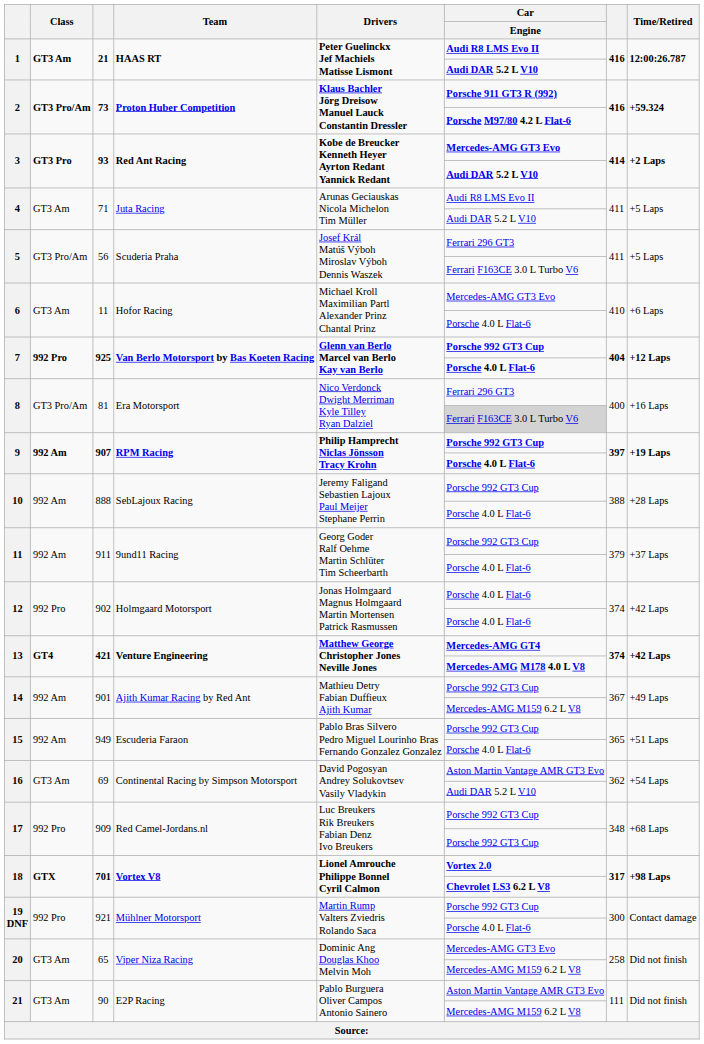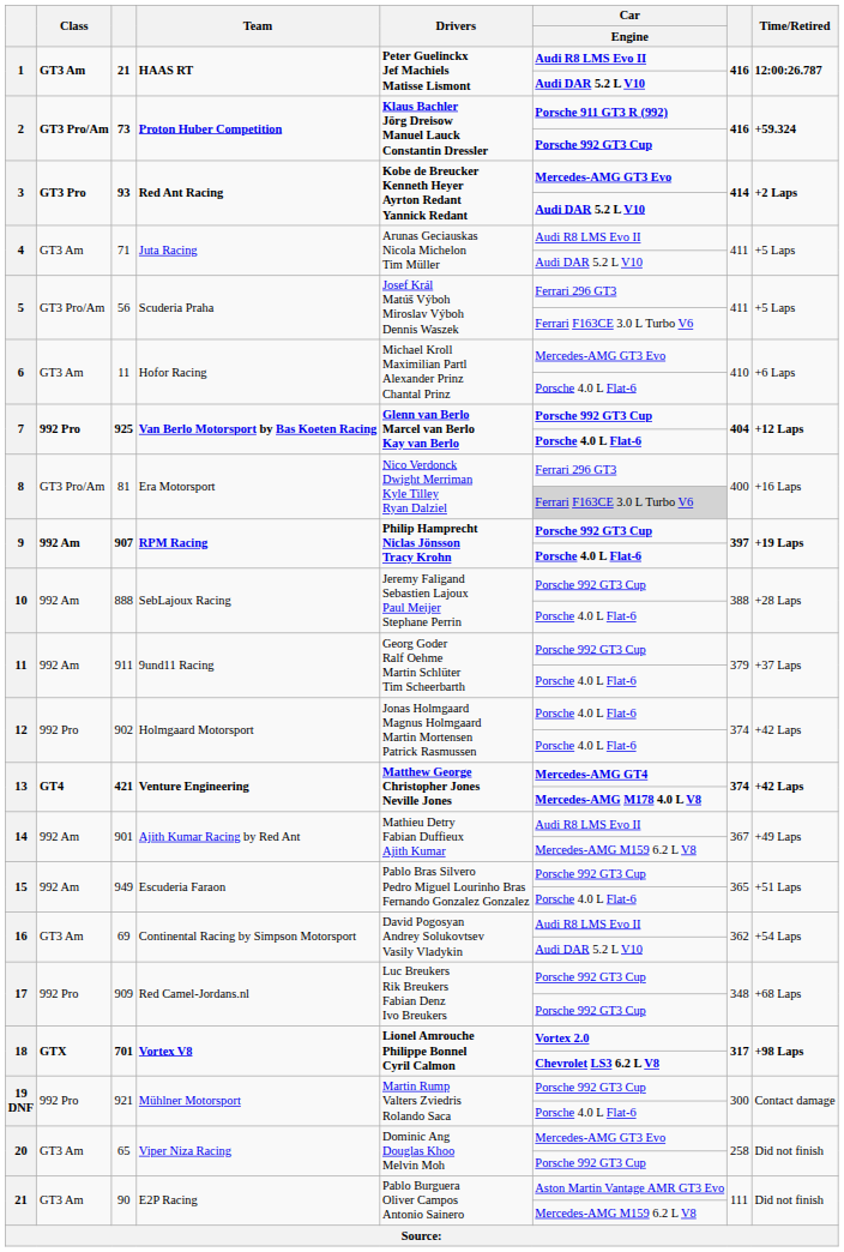 <table class="wikitable" style="font-size:90%;">
 <tr>
 <th rowspan="2"></th>
 <th rowspan="2">Class</th>
 <th rowspan="2"></th>
 <th rowspan="2">Team</th>
 <th rowspan="2">Drivers</th>
 <th>Car</th>
 <th rowspan="2"></th>
 <th rowspan="2">Time/Retired</th>
 </tr>
 <tr>
 <th>Engine</th>
 </tr>
 <tr>
 <th rowspan="2">1</th>
 <td rowspan="2"><strong>GT3 Am</strong></td>
 <td rowspan="2" align="center"><strong>21</strong></td>
 <td rowspan="2"><strong> HAAS RT</strong></td>
 <td rowspan="2"><strong> Peter Guelinckx<br> Jef Machiels<br> Matisse Lismont</strong></td>
 <td><a href='#'><strong>Audi R8 LMS Evo II</strong></a></td>
 <td rowspan="2"><strong>416</strong></td>
 <td rowspan="2"><strong>12:00:26.787</strong></td>
 </tr>
 <tr>
 <td><strong><a href='#'>Audi DAR</a> 5.2 L <a href='#'>V10</a></strong></td>
 </tr>
 <tr>
 <th rowspan="2">2</th>
 <td rowspan="2"><strong>GT3 Pro/Am</strong></td>
 <td rowspan="2" align="center"><strong>73</strong></td>
 <td rowspan="2"><strong> <a href='#'>Proton Huber Competition</a></strong></td>
 <td rowspan="2"><strong> <a href='#'>Klaus Bachler</a><br> Jörg Dreisow<br> Manuel Lauck<br> Constantin Dressler</strong></td>
 <td><a href='#'><strong>Porsche 911 GT3 R (992)</strong></a></td>
 <td rowspan="2"><strong>416</strong></td>
 <td rowspan="2"><strong>+59.324</strong></td>
 </tr>
 <tr>
-<td><strong><a href='#'>Porsche</a> <a href='#'>M97/80</a> 4.2 L <a href='#'>Flat-6</a></strong></td>
+<td><a href='#'><strong>Porsche 992 GT3 Cup</strong></a></td>
 </tr>
 <tr>
 <th rowspan="2">3</th>
 <td rowspan="2"><strong>GT3 Pro</strong></td>
 <td rowspan="2" align="center"><strong>93</strong></td>
 <td rowspan="2"><strong> Red Ant Racing</strong></td>
 <td rowspan="2"><strong> Kobe de Breucker<br> Kenneth Heyer<br> Ayrton Redant<br> Yannick Redant</strong></td>
 <td><a href='#'><strong>Mercedes-AMG GT3 Evo</strong></a></td>
 <td rowspan="2"><strong>414</strong></td>
 <td rowspan="2"><strong>+2 Laps</strong></td>
 </tr>
 <tr>
 <td><strong><a href='#'>Audi DAR</a> 5.2 L <a href='#'>V10</a></strong></td>
 </tr>
 <tr>
 <th rowspan="2">4</th>
 <td rowspan="2">GT3 Am</td>
 <td rowspan="2" align="center">71</td>
 <td rowspan="2"> <a href='#'>Juta Racing</a></td>
 <td rowspan="2"> Arunas Geciauskas<br> Nicola Michelon<br> Tim Müller</td>
 <td><a href='#'>Audi R8 LMS Evo II</a></td>
 <td rowspan="2">411</td>
 <td rowspan="2">+5 Laps</td>
 </tr>
 <tr>
 <td><a href='#'>Audi DAR</a> 5.2 L <a href='#'>V10</a></td>
 </tr>
 <tr>
 <th rowspan="2">5</th>
 <td rowspan="2">GT3 Pro/Am</td>
 <td rowspan="2" align="center">56</td>
 <td rowspan="2"> Scuderia Praha</td>
 <td rowspan="2"> <a href='#'>Josef Král</a><br> Matúš Výboh<br> Miroslav Výboh<br> Dennis Waszek</td>
 <td><a href='#'>Ferrari 296 GT3</a></td>
 <td rowspan="2">411</td>
 <td rowspan="2">+5 Laps</td>
 </tr>
 <tr>
 <td><a href='#'>Ferrari</a> <a href='#'>F163CE</a> 3.0 L Turbo <a href='#'>V6</a></td>
 </tr>
 <tr>
 <th rowspan="2">6</th>
 <td rowspan="2">GT3 Am</td>
 <td rowspan="2" align="center">11</td>
 <td rowspan="2"> Hofor Racing</td>
 <td rowspan="2"> Michael Kroll<br> Maximilian Partl<br> Alexander Prinz<br> Chantal Prinz</td>
 <td><a href='#'>Mercedes-AMG GT3 Evo</a></td>
 <td rowspan="2">410</td>
 <td rowspan="2">+6 Laps</td>
 </tr>
 <tr>
 <td><a href='#'>Porsche</a> 4.0 L <a href='#'>Flat-6</a></td>
 </tr>
 <tr>
 <th rowspan="2">7</th>
 <td rowspan="2"><strong>992 Pro</strong></td>
 <td rowspan="2" align="center"><strong>925</strong></td>
 <td rowspan="2"><strong> <a href='#'>Van Berlo Motorsport</a> by <a href='#'>Bas Koeten Racing</a></strong></td>
 <td rowspan="2"><strong> <a href='#'>Glenn van Berlo</a><br> Marcel van Berlo<br> <a href='#'>Kay van Berlo</a></strong></td>
 <td><a href='#'><strong>Porsche 992 GT3 Cup</strong></a></td>
 <td rowspan="2"><strong>404</strong></td>
 <td rowspan="2"><strong>+12 Laps</strong></td>
 </tr>
 <tr>
 <td><strong><a href='#'>Porsche</a> 4.0 L <a href='#'>Flat-6</a></strong></td>
 </tr>
 <tr>
 <th rowspan="2">8</th>
 <td rowspan="2">GT3 Pro/Am</td>
 <td rowspan="2" align="center">81</td>
 <td rowspan="2"> Era Motorsport</td>
 <td rowspan="2"> <a href='#'>Nico Verdonck</a><br> <a href='#'>Dwight Merriman</a><br> <a href='#'>Kyle Tilley</a><br> <a href='#'>Ryan Dalziel</a></td>
 <td><a href='#'>Ferrari 296 GT3</a></td>
 <td rowspan="2">400</td>
 <td rowspan="2">+16 Laps</td>
 </tr>
 <tr>
 <td style="background: lightgrey;"><a href='#'>Ferrari</a> <a href='#'>F163CE</a> 3.0 L Turbo <a href='#'>V6</a></td>
 </tr>
 <tr>
 <th rowspan="2">9</th>
 <td rowspan="2"><strong>992 Am</strong></td>
 <td rowspan="2" align="center"><strong>907</strong></td>
 <td rowspan="2"><strong> <a href='#'>RPM Racing</a></strong></td>
 <td rowspan="2"><strong> Philip Hamprecht<br> <a href='#'>Niclas Jönsson</a><br> <a href='#'>Tracy Krohn</a></strong></td>
 <td><a href='#'><strong>Porsche 992 GT3 Cup</strong></a></td>
 <td rowspan="2"><strong>397</strong></td>
 <td rowspan="2"><strong>+19 Laps</strong></td>
 </tr>
 <tr>
 <td><strong><a href='#'>Porsche</a> 4.0 L <a href='#'>Flat-6</a></strong></td>
 </tr>
 <tr>
 <th rowspan="2">10</th>
 <td rowspan="2">992 Am</td>
 <td rowspan="2" align="center">888</td>
 <td rowspan="2"> SebLajoux Racing</td>
 <td rowspan="2"> Jeremy Faligand<br> Sebastien Lajoux<br> <a href='#'>Paul Meijer</a><br> Stephane Perrin</td>
 <td><a href='#'>Porsche 992 GT3 Cup</a></td>
 <td rowspan="2">388</td>
 <td rowspan="2">+28 Laps</td>
 </tr>
 <tr>
 <td><a href='#'>Porsche</a> 4.0 L <a href='#'>Flat-6</a></td>
 </tr>
 <tr>
 <th rowspan="2">11</th>
 <td rowspan="2">992 Am</td>
 <td rowspan="2" align="center">911</td>
 <td rowspan="2"> 9und11 Racing</td>
 <td rowspan="2"> Georg Goder<br> Ralf Oehme<br> Martin Schlüter<br> Tim Scheerbarth</td>
 <td><a href='#'>Porsche 992 GT3 Cup</a></td>
 <td rowspan="2">379</td>
 <td rowspan="2">+37 Laps</td>
 </tr>
 <tr>
 <td><a href='#'>Porsche</a> 4.0 L <a href='#'>Flat-6</a></td>
 </tr>
 <tr>
 <th rowspan="2">12</th>
 <td rowspan="2">992 Pro</td>
 <td rowspan="2" align="center">902</td>
 <td rowspan="2"> Holmgaard Motorsport</td>
 <td rowspan="2"> Jonas Holmgaard<br> Magnus Holmgaard<br> Martin Mortensen<br> Patrick Rasmussen</td>
 <td><a href='#'>Porsche</a> 4.0 L <a href='#'>Flat-6</a></td>
 <td rowspan="2">374</td>
 <td rowspan="2">+42 Laps</td>
 </tr>
 <tr>
 <td><a href='#'>Porsche</a> 4.0 L <a href='#'>Flat-6</a></td>
 </tr>
 <tr>
 <th rowspan="2">13</th>
 <td rowspan="2"><strong>GT4</strong></td>
 <td rowspan="2" align="center"><strong>421</strong></td>
 <td rowspan="2"><strong> Venture Engineering</strong></td>
 <td rowspan="2"><strong> <a href='#'>Matthew George</a><br> Christopher Jones<br> Neville Jones</strong></td>
 <td><a href='#'><strong>Mercedes-AMG GT4</strong></a></td>
 <td rowspan="2"><strong>374</strong></td>
 <td rowspan="2"><strong>+42 Laps</strong></td>
 </tr>
 <tr>
 <td><strong><a href='#'>Mercedes-AMG</a> <a href='#'>M178</a> 4.0 L <a href='#'>V8</a></strong></td>
 </tr>
 <tr>
 <th rowspan="2">14</th>
 <td rowspan="2">992 Am</td>
 <td rowspan="2" align="center">901</td>
 <td rowspan="2"> <a href='#'>Ajith Kumar Racing</a> by Red Ant</td>
 <td rowspan="2"> Mathieu Detry<br> Fabian Duffieux<br> <a href='#'>Ajith Kumar</a></td>
-<td><a href='#'>Porsche 992 GT3 Cup</a></td>
+<td><a href='#'>Audi R8 LMS Evo II</a></td>
 <td rowspan="2">367</td>
 <td rowspan="2">+49 Laps</td>
 </tr>
 <tr>
 <td><a href='#'>Mercedes-AMG M159</a> 6.2 L <a href='#'>V8</a></td>
 </tr>
 <tr>
 <th rowspan="2">15</th>
 <td rowspan="2">992 Am</td>
 <td rowspan="2" align="center">949</td>
 <td rowspan="2"> Escuderia Faraon</td>
 <td rowspan="2"> Pablo Bras Silvero<br> Pedro Miguel Lourinho Bras<br> Fernando Gonzalez Gonzalez</td>
 <td><a href='#'>Porsche 992 GT3 Cup</a></td>
 <td rowspan="2">365</td>
 <td rowspan="2">+51 Laps</td>
 </tr>
 <tr>
 <td><a href='#'>Porsche</a> 4.0 L <a href='#'>Flat-6</a></td>
 </tr>
 <tr>
 <th rowspan="2">16</th>
 <td rowspan="2">GT3 Am</td>
 <td rowspan="2" align="center">69</td>
 <td rowspan="2"> Continental Racing by Simpson Motorsport</td>
 <td rowspan="2"> David Pogosyan<br> Andrey Solukovtsev<br> Vasily Vladykin</td>
-<td><a href='#'>Aston Martin Vantage AMR GT3 Evo</a></td>
+<td><a href='#'>Audi R8 LMS Evo II</a></td>
 <td rowspan="2">362</td>
 <td rowspan="2">+54 Laps</td>
 </tr>
 <tr>
 <td><a href='#'>Audi DAR</a> 5.2 L <a href='#'>V10</a></td>
 </tr>
 <tr>
 <th rowspan="2">17</th>
 <td rowspan="2">992 Pro</td>
 <td rowspan="2" align="center">909</td>
 <td rowspan="2"> Red Camel-Jordans.nl</td>
 <td rowspan="2"> Luc Breukers<br> Rik Breukers<br> Fabian Denz<br> Ivo Breukers</td>
 <td><a href='#'>Porsche 992 GT3 Cup</a></td>
 <td rowspan="2">348</td>
 <td rowspan="2">+68 Laps</td>
 </tr>
 <tr>
 <td><a href='#'>Porsche 992 GT3 Cup</a></td>
 </tr>
 <tr>
 <th rowspan="2">18</th>
 <td rowspan="2"><strong>GTX</strong></td>
 <td rowspan="2" align="center"><strong>701</strong></td>
 <td rowspan="2"><strong> <a href='#'>Vortex V8</a></strong></td>
 <td rowspan="2"><strong> Lionel Amrouche<br> Philippe Bonnel<br> Cyril Calmon</strong></td>
 <td><a href='#'><strong>Vortex 2.0</strong></a></td>
 <td rowspan="2"><strong>317</strong></td>
 <td rowspan="2"><strong>+98 Laps</strong></td>
 </tr>
 <tr>
 <td><strong><a href='#'>Chevrolet</a> <a href='#'>LS3</a> 6.2 L <a href='#'>V8</a></strong></td>
 </tr>
 <tr>
 <th rowspan="2">19<br>DNF</th>
 <td rowspan="2">992 Pro</td>
 <td rowspan="2" align="center">921</td>
 <td rowspan="2"> <a href='#'>Mühlner Motorsport</a></td>
 <td rowspan="2"> <a href='#'>Martin Rump</a><br> Valters Zviedris<br> Rolando Saca</td>
 <td><a href='#'>Porsche 992 GT3 Cup</a></td>
 <td rowspan="2">300</td>
 <td rowspan="2">Contact damage</td>
 </tr>
 <tr>
 <td><a href='#'>Porsche</a> 4.0 L <a href='#'>Flat-6</a></td>
 </tr>
 <tr>
 <th rowspan="2">20</th>
 <td rowspan="2">GT3 Am</td>
 <td rowspan="2" align="center">65</td>
 <td rowspan="2"> <a href='#'>Viper Niza Racing</a></td>
 <td rowspan="2"> Dominic Ang<br> <a href='#'>Douglas Khoo</a><br> Melvin Moh</td>
 <td><a href='#'>Mercedes-AMG GT3 Evo</a></td>
 <td rowspan="2">258</td>
 <td rowspan="2">Did not finish</td>
 </tr>
 <tr>
-<td><a href='#'>Mercedes-AMG M159</a> 6.2 L <a href='#'>V8</a></td>
+<td><a href='#'>Porsche 992 GT3 Cup</a></td>
 </tr>
 <tr>
 <th rowspan="2">21</th>
 <td rowspan="2">GT3 Am</td>
 <td rowspan="2" align="center">90</td>
 <td rowspan="2"> E2P Racing</td>
 <td rowspan="2"> Pablo Burguera<br> Oliver Campos<br> Antonio Sainero</td>
 <td><a href='#'>Aston Martin Vantage AMR GT3 Evo</a></td>
 <td rowspan="2">111</td>
 <td rowspan="2">Did not finish</td>
 </tr>
 <tr>
 <td><a href='#'>Mercedes-AMG M159</a> 6.2 L <a href='#'>V8</a></td>
 </tr>
 <tr>
 <th colspan="8">Source:</th>
 </tr>
 </table>
